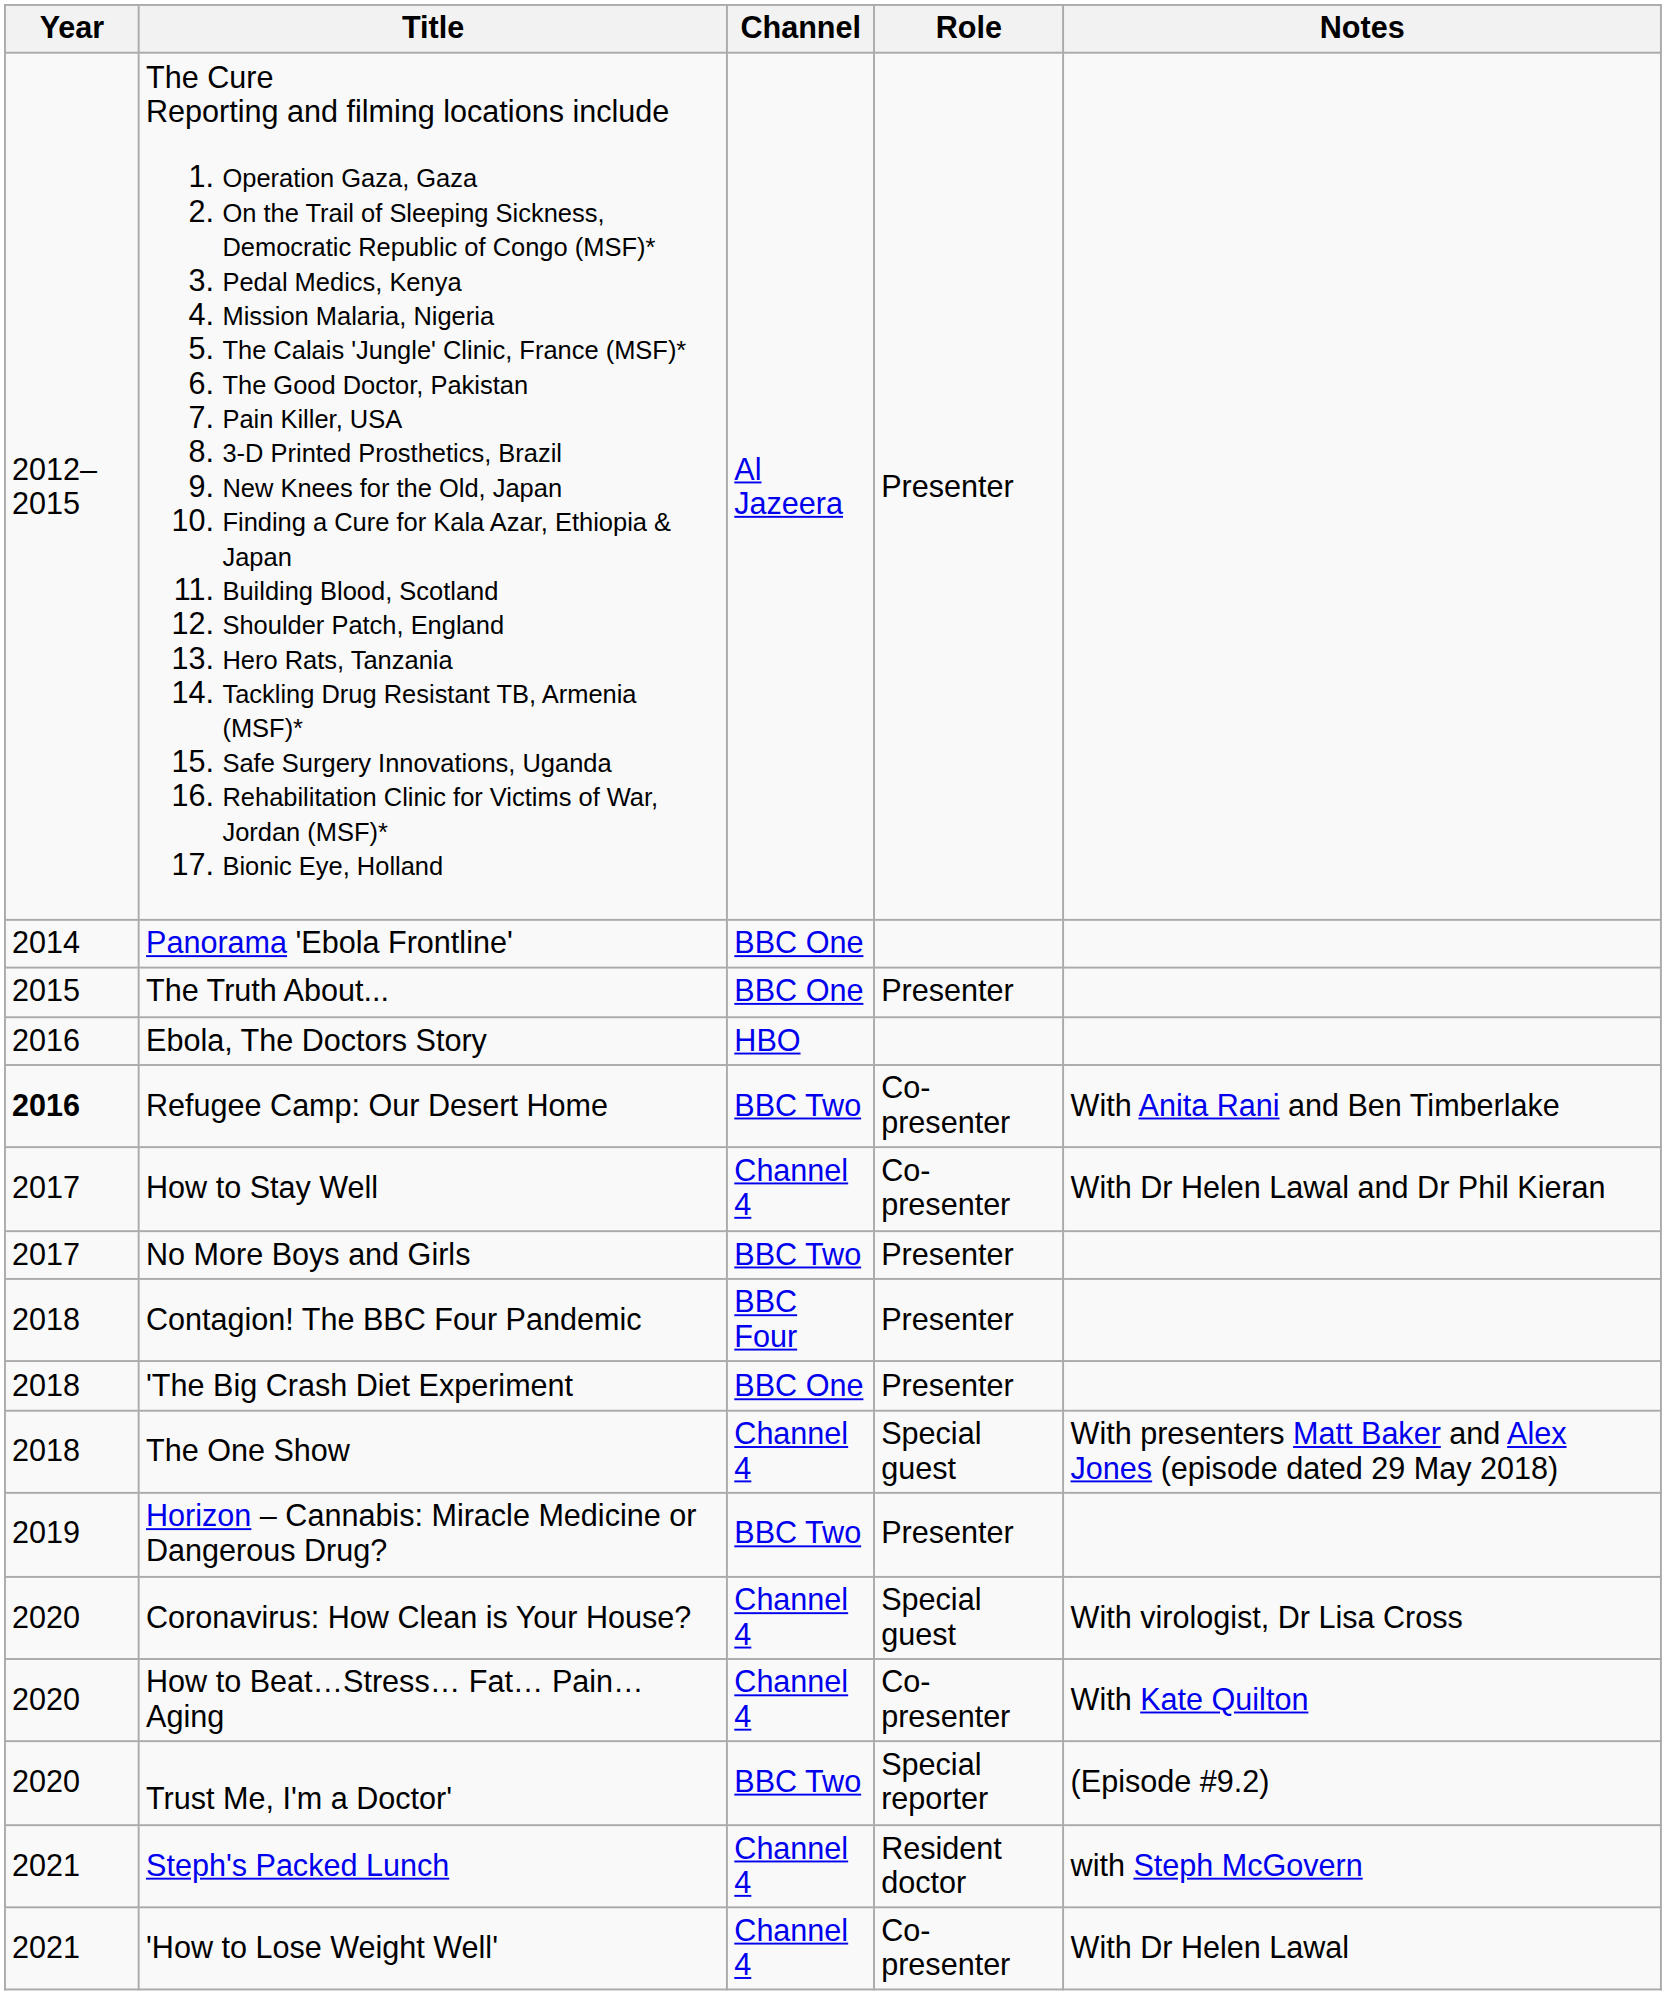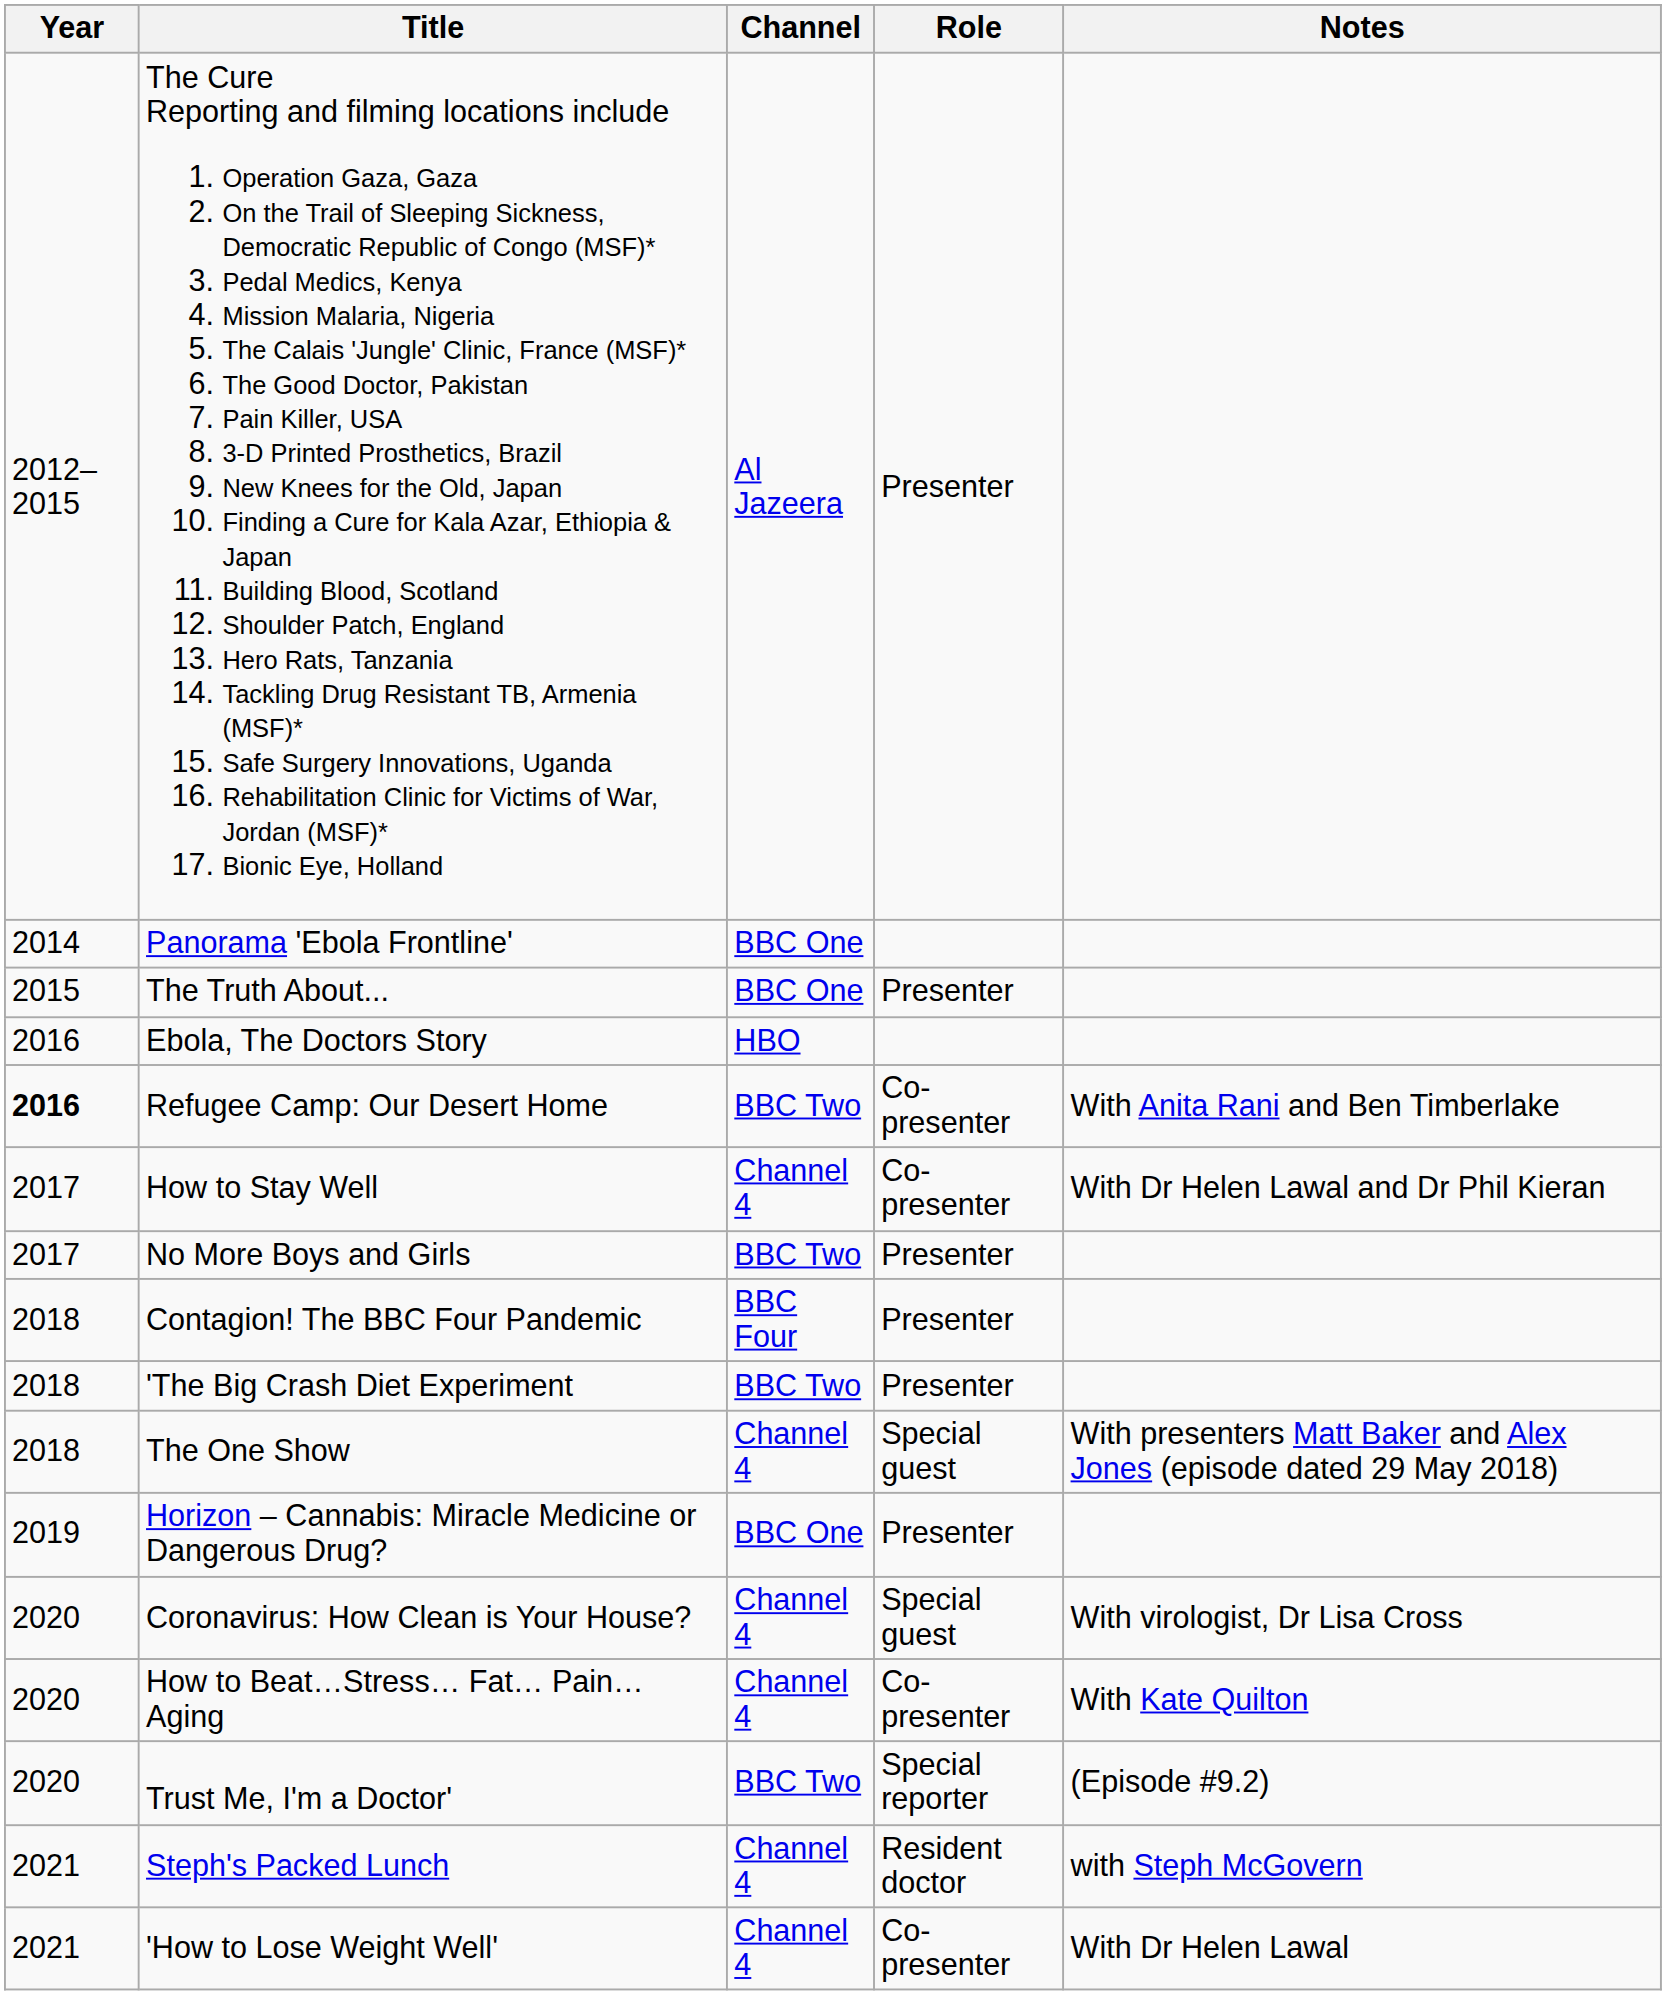 <table class="wikitable">
 <tr>
 <th>Year</th>
 <th>Title</th>
 <th>Channel</th>
 <th>Role</th>
 <th>Notes</th>
 </tr>
 <tr>
 <td>2012–2015</td>
 <td>The Cure<br>Reporting and filming locations include<ol><li><small>Operation Gaza, Gaza</small></li><li><small>On the Trail of Sleeping Sickness, Democratic Republic of  Congo (MSF)*</small></li><li><small>Pedal Medics, Kenya</small></li><li><small>Mission Malaria, Nigeria</small></li><li><small>The Calais 'Jungle' Clinic, France (MSF)*</small></li><li><small>The Good Doctor, Pakistan</small></li><li><small>Pain Killer, USA</small></li><li><small>3-D Printed Prosthetics, Brazil</small></li><li><small>New Knees for the Old, Japan</small></li><li><small>Finding a Cure for Kala Azar, Ethiopia & Japan</small></li><li><small>Building Blood, Scotland</small></li><li><small>Shoulder Patch, England</small></li><li><small>Hero Rats, Tanzania</small></li><li><small>Tackling Drug Resistant TB, Armenia (MSF)*</small></li><li><small>Safe Surgery Innovations, Uganda</small></li><li><small>Rehabilitation Clinic for  Victims of War,  Jordan (MSF)*</small></li><li><small>Bionic Eye, Holland</small></li></ol></td>
 <td><a href='#'>Al Jazeera</a></td>
 <td>Presenter</td>
 <td></td>
 </tr>
 <tr>
 <td>2014</td>
 <td><a href='#'>Panorama</a>  'Ebola Frontline'</td>
 <td><a href='#'>BBC One</a></td>
 <td></td>
 <td></td>
 </tr>
 <tr>
 <td>2015</td>
 <td>The Truth About...</td>
 <td><a href='#'>BBC One</a></td>
 <td>Presenter</td>
 <td></td>
 </tr>
 <tr>
 <td>2016</td>
 <td>Ebola, The Doctors Story</td>
 <td><a href='#'>HBO</a></td>
 <td></td>
 <td></td>
 </tr>
 <tr>
 <td><strong>2016</strong></td>
 <td>Refugee Camp: Our  Desert Home</td>
 <td><a href='#'>BBC Two</a></td>
 <td>Co-presenter</td>
 <td>With <a href='#'>Anita Rani</a> and Ben Timberlake</td>
 </tr>
 <tr>
 <td>2017</td>
 <td>How to Stay Well</td>
 <td><a href='#'>Channel 4</a></td>
 <td>Co-presenter</td>
 <td>With Dr  Helen Lawal and Dr Phil Kieran</td>
 </tr>
 <tr>
 <td>2017</td>
 <td>No More Boys and Girls</td>
 <td><a href='#'>BBC Two</a></td>
 <td>Presenter</td>
 <td></td>
 </tr>
 <tr>
 <td>2018</td>
 <td>Contagion! The BBC Four Pandemic</td>
 <td><a href='#'>BBC Four</a></td>
 <td>Presenter</td>
 <td></td>
 </tr>
 <tr>
 <td>2018</td>
 <td>'The Big Crash Diet Experiment</td>
-<td><a href='#'>BBC One</a></td>
+<td><a href='#'>BBC Two</a></td>
 <td>Presenter</td>
 <td></td>
 </tr>
 <tr>
 <td>2018</td>
 <td>The One Show</td>
 <td><a href='#'>Channel 4</a></td>
 <td>Special guest</td>
 <td>With presenters <a href='#'>Matt Baker</a> and <a href='#'>Alex Jones</a> (episode dated 29 May  2018)</td>
 </tr>
 <tr>
 <td>2019</td>
 <td><a href='#'>Horizon</a> – Cannabis: Miracle Medicine or Dangerous Drug?</td>
-<td><a href='#'>BBC Two</a></td>
+<td><a href='#'>BBC One</a></td>
 <td>Presenter</td>
 <td></td>
 </tr>
 <tr>
 <td>2020</td>
 <td>Coronavirus: How Clean  is Your House?</td>
 <td><a href='#'>Channel 4</a></td>
 <td>Special guest</td>
 <td>With virologist, Dr  Lisa Cross</td>
 </tr>
 <tr>
 <td>2020</td>
 <td>How to Beat…Stress… Fat…  Pain… Aging</td>
 <td><a href='#'>Channel 4</a></td>
 <td>Co-presenter</td>
 <td>With <a href='#'>Kate Quilton</a></td>
 </tr>
 <tr>
 <td>2020</td>
 <td><br>Trust Me, I'm a Doctor'</td>
 <td><a href='#'>BBC Two</a></td>
 <td>Special reporter</td>
 <td>(Episode #9.2)</td>
 </tr>
 <tr>
 <td>2021</td>
 <td><a href='#'>Steph's Packed Lunch</a></td>
 <td><a href='#'>Channel 4</a></td>
 <td>Resident doctor</td>
 <td>with <a href='#'>Steph McGovern</a></td>
 </tr>
 <tr>
 <td>2021</td>
 <td>'How to Lose Weight Well'</td>
 <td><a href='#'>Channel 4</a></td>
 <td>Co-presenter</td>
 <td>With Dr Helen Lawal</td>
 </tr>
 </table>
